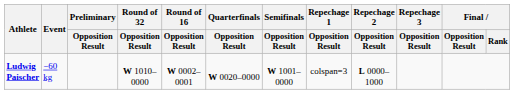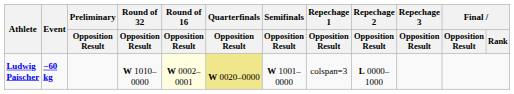 <table class="wikitable" style="font-size:90%">
 <tr>
 <th rowspan="2">Athlete</th>
 <th rowspan="2">Event</th>
 <th>Preliminary</th>
 <th>Round of 32</th>
 <th>Round of 16</th>
 <th>Quarterfinals</th>
 <th>Semifinals</th>
 <th>Repechage 1</th>
 <th>Repechage 2</th>
 <th>Repechage 3</th>
 <th colspan=2>Final / </th>
 </tr>
 <tr style="font-size:95%">
 <th>Opposition<br>Result</th>
 <th>Opposition<br>Result</th>
 <th>Opposition<br>Result</th>
 <th>Opposition<br>Result</th>
 <th>Opposition<br>Result</th>
 <th>Opposition<br>Result</th>
 <th>Opposition<br>Result</th>
 <th>Opposition<br>Result</th>
 <th>Opposition<br>Result</th>
 <th>Rank</th>
 </tr>
 <tr align=center>
 <td align=left><strong><a href='#'>Ludwig Paischer</a></strong></td>
-<td align=left><a href='#'>−60 kg</a></td>
+<td align=left><strong><a href='#'>−60 kg</a></strong></td>
 <td></td>
 <td><br><strong>W</strong> 1010–0000</td>
-<td><br><strong>W</strong> 0002–0001</td>
-<td><br><strong>W</strong> 0020–0000</td>
+<td style="background: lightyellow;"><br><strong>W</strong> 0002–0001</td>
+<td style="background: khaki;"><br><strong>W</strong> 0020–0000</td>
 <td><br><strong>W</strong> 1001–0000</td>
 <td>colspan=3 </td>
 <td><br><strong>L</strong> 0000–1000</td>
 <td></td>
 </tr>
 </table>
